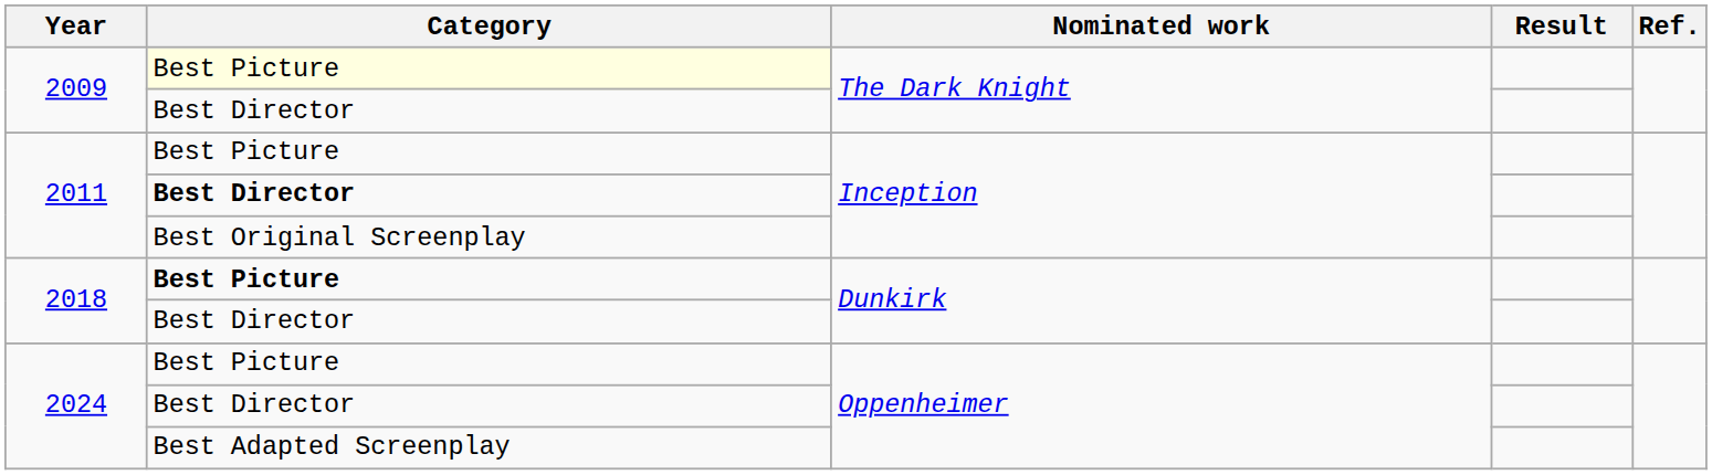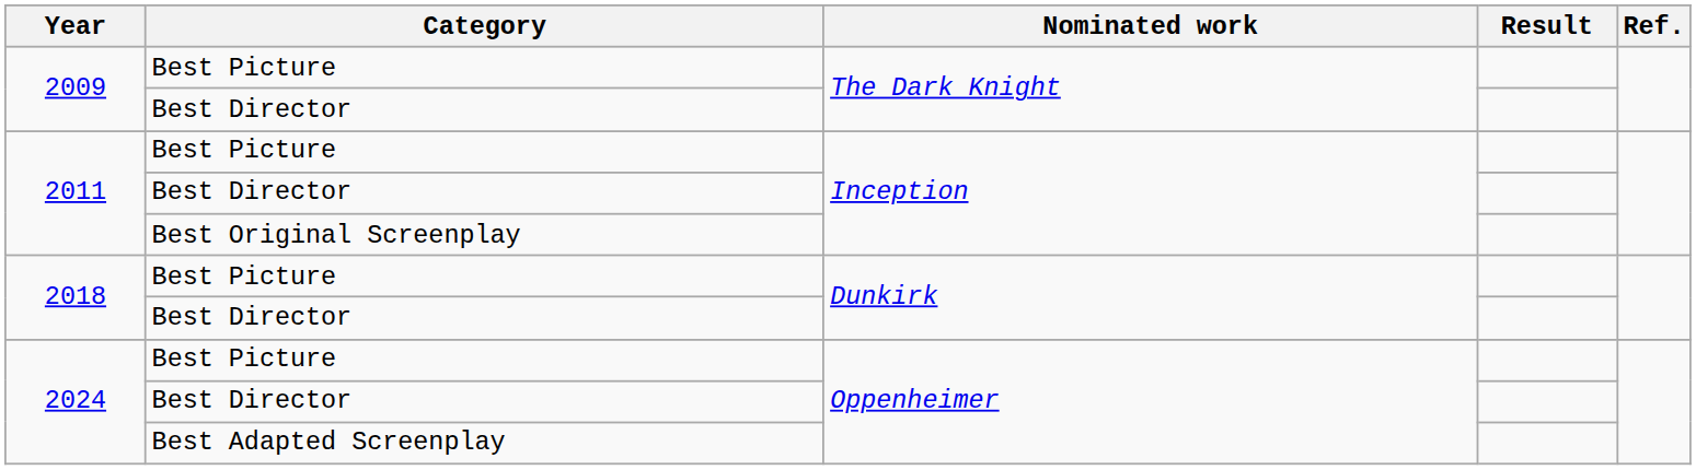 <table class=wikitable>
 <tr>
 <th scope="col" style="width:5em;">Year</th>
 <th scope="col" style="width:26em;">Category</th>
 <th scope="col" style="width:25em;">Nominated work</th>
 <th scope="col" style="width:5em;">Result</th>
 <th>Ref.</th>
 </tr>
 <tr>
 <td rowspan="2" style="text-align:center;"><a href='#'>2009</a></td>
-<td style="background: lightyellow;">Best Picture</td>
+<td>Best Picture</td>
 <td rowspan="2"><em><a href='#'>The Dark Knight</a></em></td>
 <td></td>
 <td rowspan="2"></td>
 </tr>
 <tr>
 <td>Best Director</td>
 <td></td>
 </tr>
 <tr>
 <td rowspan="3" style="text-align:center;" ,><a href='#'>2011</a></td>
 <td style="text-align:left;">Best Picture</td>
 <td rowspan="3"><em><a href='#'>Inception</a></em></td>
 <td></td>
 <td rowspan="3"></td>
 </tr>
 <tr>
-<td><strong>Best Director</strong></td>
+<td>Best Director</td>
 <td></td>
 </tr>
 <tr>
 <td style="text-align:left;">Best Original Screenplay</td>
 <td></td>
 </tr>
 <tr>
 <td style="text-align:center;", rowspan=2><a href='#'>2018</a></td>
-<td style="text-align:left;"><strong>Best Picture</strong></td>
+<td style="text-align:left;">Best Picture</td>
 <td rowspan=2><em><a href='#'>Dunkirk</a></em></td>
 <td></td>
 <td rowspan=2></td>
 </tr>
 <tr>
 <td style="text-align:left;">Best Director</td>
 <td></td>
 </tr>
 <tr>
 <td rowspan="3" style="text-align:center;" ,><a href='#'>2024</a></td>
 <td>Best Picture</td>
 <td rowspan="3"><a href='#'><em>Oppenheimer</em></a></td>
 <td></td>
 <td rowspan="3"></td>
 </tr>
 <tr>
 <td>Best Director</td>
 <td></td>
 </tr>
 <tr>
 <td>Best Adapted Screenplay</td>
 <td></td>
 </tr>
 </table>
